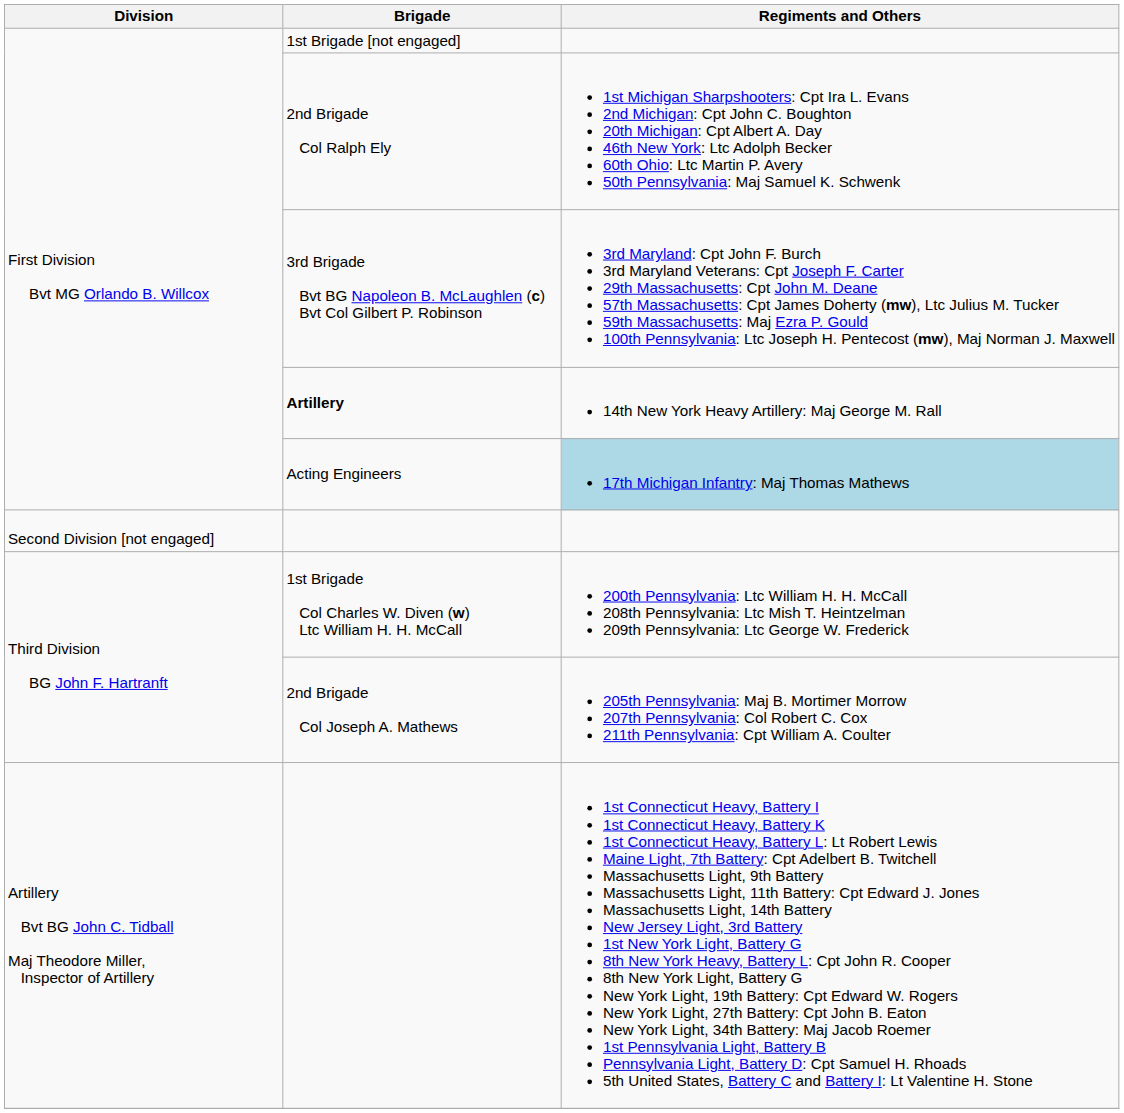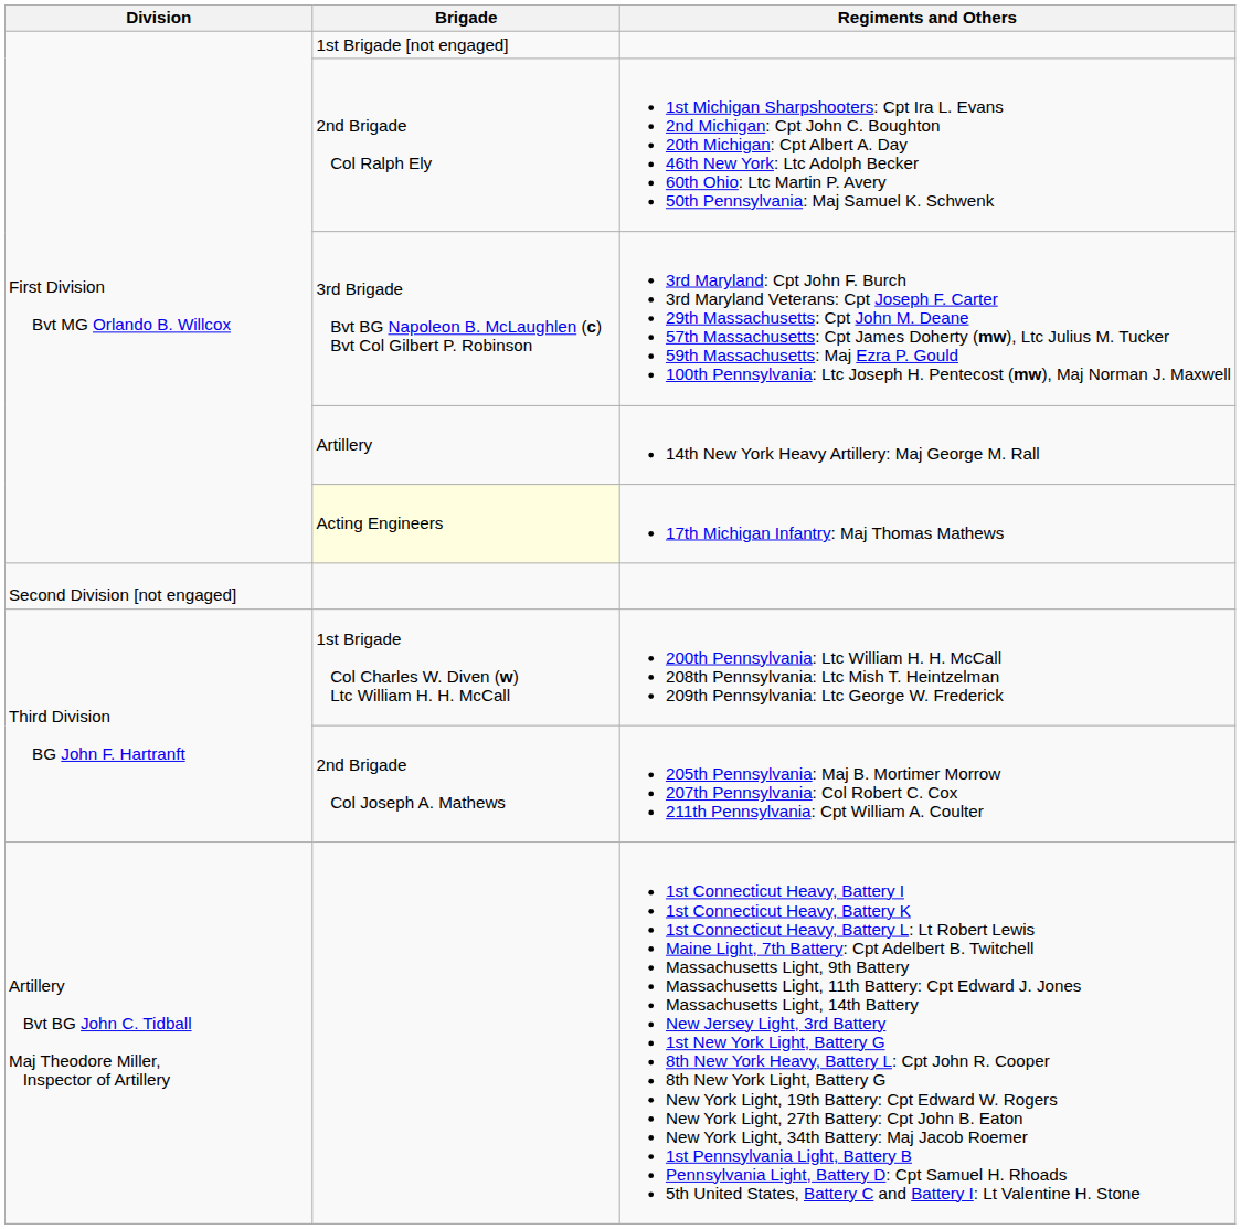 <table class="wikitable">
 <tr>
 <th width=25%>Division</th>
 <th width=25%>Brigade</th>
 <th>Regiments and Others</th>
 </tr>
 <tr>
 <td rowspan=5><br>First Division<br><br>     Bvt MG <a href='#'>Orlando B. Willcox</a></td>
 <td>1st Brigade [not engaged]</td>
 <td></td>
 </tr>
 <tr>
 <td>2nd Brigade<br><br>   Col Ralph Ely</td>
 <td><br><ul><li><a href='#'>1st Michigan Sharpshooters</a>: Cpt Ira L. Evans</li><li><a href='#'>2nd Michigan</a>: Cpt John C. Boughton</li><li><a href='#'>20th Michigan</a>: Cpt Albert A. Day</li><li><a href='#'>46th New York</a>: Ltc Adolph Becker</li><li><a href='#'>60th Ohio</a>: Ltc Martin P. Avery</li><li><a href='#'>50th Pennsylvania</a>: Maj Samuel K. Schwenk</li></ul></td>
 </tr>
 <tr>
 <td>3rd Brigade<br><br>   Bvt BG <a href='#'>Napoleon B. McLaughlen</a> (<strong>c</strong>)<br>   Bvt Col Gilbert P. Robinson</td>
 <td><br><ul><li><a href='#'>3rd Maryland</a>: Cpt John F. Burch</li><li>3rd Maryland Veterans: Cpt <a href='#'>Joseph F. Carter</a></li><li><a href='#'>29th Massachusetts</a>: Cpt <a href='#'>John M. Deane</a></li><li><a href='#'>57th Massachusetts</a>: Cpt James Doherty (<strong>mw</strong>), Ltc Julius M. Tucker</li><li><a href='#'>59th Massachusetts</a>: Maj <a href='#'>Ezra P. Gould</a></li><li><a href='#'>100th Pennsylvania</a>: Ltc Joseph H. Pentecost (<strong>mw</strong>), Maj Norman J. Maxwell</li></ul></td>
 </tr>
 <tr>
-<td><strong>Artillery</strong></td>
+<td>Artillery</td>
 <td><br><ul><li>14th New York Heavy Artillery: Maj George M. Rall</li></ul></td>
 </tr>
 <tr>
-<td>Acting Engineers</td>
-<td style="background: lightblue;"><br><ul><li><a href='#'>17th Michigan Infantry</a>: Maj Thomas Mathews</li></ul></td>
+<td style="background: lightyellow;">Acting Engineers</td>
+<td><br><ul><li><a href='#'>17th Michigan Infantry</a>: Maj Thomas Mathews</li></ul></td>
 </tr>
 <tr>
 <td rowspan=1><br>Second Division [not engaged]</td>
 <td></td>
 <td></td>
 </tr>
 <tr>
 <td rowspan=2><br>Third Division<br><br>     BG <a href='#'>John F. Hartranft</a></td>
 <td>1st Brigade<br><br>   Col Charles W. Diven (<strong>w</strong>) <br>   Ltc William H. H. McCall</td>
 <td><br><ul><li><a href='#'>200th Pennsylvania</a>: Ltc William H. H. McCall</li><li>208th Pennsylvania: Ltc Mish T. Heintzelman</li><li>209th Pennsylvania: Ltc George W. Frederick</li></ul></td>
 </tr>
 <tr>
 <td>2nd Brigade<br><br>   Col Joseph A. Mathews</td>
 <td><br><ul><li><a href='#'>205th Pennsylvania</a>: Maj B. Mortimer Morrow</li><li><a href='#'>207th Pennsylvania</a>: Col Robert C. Cox</li><li><a href='#'>211th Pennsylvania</a>: Cpt William A. Coulter</li></ul></td>
 </tr>
 <tr>
 <td>Artillery<br><br>   Bvt BG <a href='#'>John C. Tidball</a> <br>  <br>Maj Theodore Miller,<br>   Inspector of Artillery</td>
 <td></td>
 <td><br><ul><li><a href='#'>1st Connecticut Heavy, Battery I</a></li><li><a href='#'>1st Connecticut Heavy, Battery K</a></li><li><a href='#'>1st Connecticut Heavy, Battery L</a>: Lt Robert Lewis</li><li><a href='#'>Maine Light, 7th Battery</a>: Cpt Adelbert B. Twitchell</li><li>Massachusetts Light, 9th Battery</li><li>Massachusetts Light, 11th Battery: Cpt Edward J. Jones</li><li>Massachusetts Light, 14th Battery</li><li><a href='#'>New Jersey Light, 3rd Battery</a></li><li><a href='#'>1st New York Light, Battery G</a></li><li><a href='#'>8th New York Heavy, Battery L</a>: Cpt John R. Cooper</li><li>8th New York Light, Battery G</li><li>New York Light, 19th Battery: Cpt Edward W. Rogers</li><li>New York Light, 27th Battery: Cpt John B. Eaton</li><li>New York Light, 34th Battery: Maj Jacob Roemer</li><li><a href='#'>1st Pennsylvania Light, Battery B</a></li><li><a href='#'>Pennsylvania Light, Battery D</a>: Cpt Samuel H. Rhoads</li><li>5th United States, <a href='#'>Battery C</a> and <a href='#'>Battery I</a>: Lt Valentine H. Stone</li></ul></td>
 </tr>
 <tr>
 </tr>
 </table>
